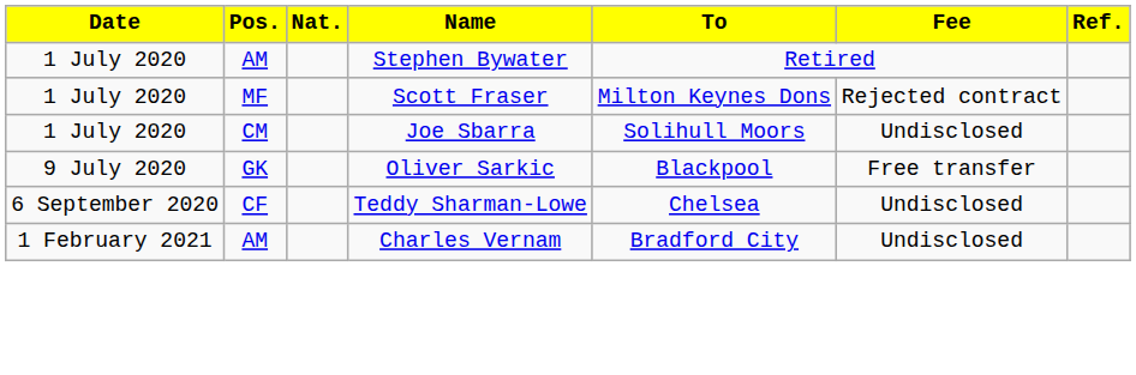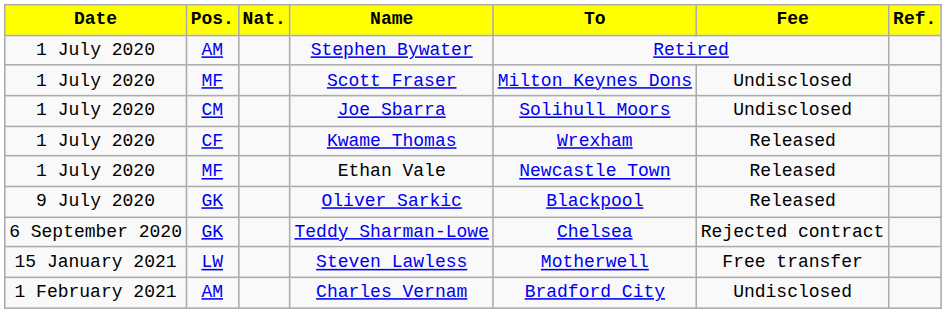 <table class="wikitable"  style="text-align:center; font-size:90%; ">
 <tr>
 <th style="background:yellow;">Date</th>
 <th style="background:yellow;">Pos.</th>
 <th style="background:yellow;">Nat.</th>
 <th style="background:yellow;">Name</th>
 <th style="background:yellow;">To</th>
 <th style="background:yellow;">Fee</th>
 <th style="background:yellow;">Ref.</th>
 </tr>
 <tr>
 <td>1 July 2020</td>
 <td><a href='#'>AM</a></td>
 <td></td>
 <td><a href='#'>Stephen Bywater</a></td>
 <td colspan="2"><a href='#'>Retired</a></td>
 <td></td>
 </tr>
 <tr>
 <td>1 July 2020</td>
 <td><a href='#'>MF</a></td>
 <td></td>
 <td><a href='#'>Scott Fraser</a></td>
 <td> <a href='#'>Milton Keynes Dons</a></td>
-<td>Rejected contract</td>
+<td>Undisclosed</td>
 <td></td>
 </tr>
 <tr>
 <td>1 July 2020</td>
 <td><a href='#'>CM</a></td>
 <td></td>
 <td><a href='#'>Joe Sbarra</a></td>
 <td> <a href='#'>Solihull Moors</a></td>
 <td>Undisclosed</td>
 <td></td>
 </tr>
 <tr>
+<td>1 July 2020</td>
+<td><a href='#'>CF</a></td>
+<td></td>
+<td><a href='#'>Kwame Thomas</a></td>
+<td> <a href='#'>Wrexham</a></td>
+<td>Released</td>
+<td></td>
+</tr>
+<tr>
+<td>1 July 2020</td>
+<td><a href='#'>MF</a></td>
+<td></td>
+<td>Ethan Vale</td>
+<td> <a href='#'>Newcastle Town</a></td>
+<td>Released</td>
+<td></td>
+</tr>
+<tr>
 <td>9 July 2020</td>
 <td><a href='#'>GK</a></td>
 <td></td>
 <td><a href='#'>Oliver Sarkic</a></td>
 <td> <a href='#'>Blackpool</a></td>
-<td>Free transfer</td>
+<td>Released</td>
 <td></td>
 </tr>
 <tr>
 <td>6 September 2020</td>
-<td><a href='#'>CF</a></td>
+<td><a href='#'>GK</a></td>
 <td></td>
 <td><a href='#'>Teddy Sharman-Lowe</a></td>
 <td> <a href='#'>Chelsea</a></td>
-<td>Undisclosed</td>
+<td>Rejected contract</td>
+<td></td>
+</tr>
+<tr>
+<td>15 January 2021</td>
+<td><a href='#'>LW</a></td>
+<td></td>
+<td><a href='#'>Steven Lawless</a></td>
+<td> <a href='#'>Motherwell</a></td>
+<td>Free transfer</td>
 <td></td>
 </tr>
 <tr>
 <td>1 February 2021</td>
 <td><a href='#'>AM</a></td>
 <td></td>
 <td><a href='#'>Charles Vernam</a></td>
 <td> <a href='#'>Bradford City</a></td>
 <td>Undisclosed</td>
 <td></td>
 </tr>
 </table>
